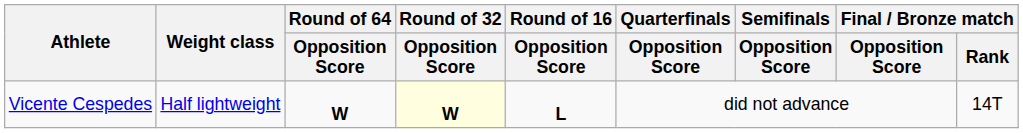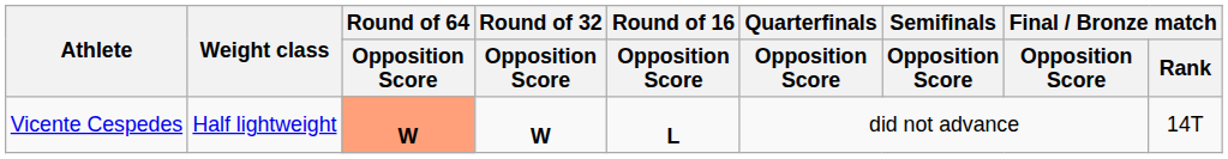 <table class=wikitable style="font-size:90%">
 <tr>
 <th rowspan="2">Athlete</th>
 <th rowspan="2">Weight class</th>
 <th>Round of 64</th>
 <th>Round of 32</th>
 <th>Round of 16</th>
 <th>Quarterfinals</th>
 <th>Semifinals</th>
 <th colspan="2">Final / Bronze match</th>
 </tr>
 <tr>
 <th>Opposition<br>Score</th>
 <th>Opposition<br>Score</th>
 <th>Opposition<br>Score</th>
 <th>Opposition<br>Score</th>
 <th>Opposition<br>Score</th>
 <th>Opposition<br>Score</th>
 <th>Rank</th>
 </tr>
 <tr>
 <td><a href='#'>Vicente Cespedes</a></td>
 <td><a href='#'>Half lightweight</a></td>
+<td align=center style="background: lightsalmon;"> <br> <strong>W</strong></td>
 <td align=center> <br> <strong>W</strong></td>
-<td align=center style="background: lightyellow;"> <br> <strong>W</strong></td>
 <td align=center> <br> <strong>L</strong></td>
 <td align=center colspan=3>did not advance</td>
 <td align=center>14T</td>
 </tr>
 </table>
